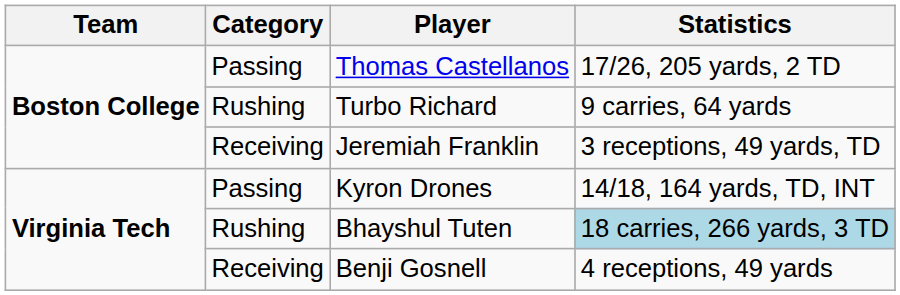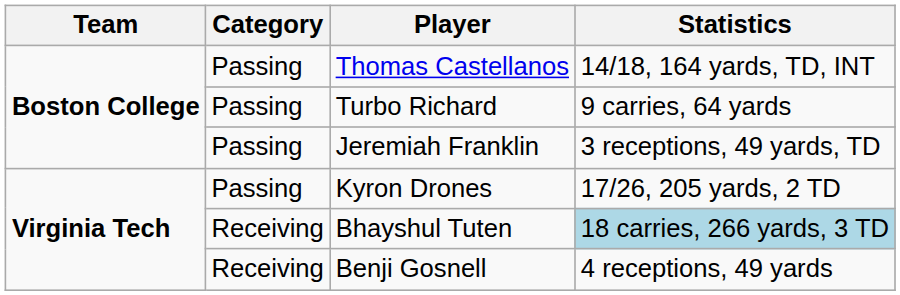 <table class="wikitable" style="float: right;">
 <tr>
 <th>Team</th>
 <th>Category</th>
 <th>Player</th>
 <th>Statistics</th>
 </tr>
 <tr>
 <td rowspan=3><strong>Boston College</strong></td>
 <td>Passing</td>
 <td><a href='#'>Thomas Castellanos</a></td>
-<td>17/26, 205 yards, 2 TD</td>
+<td>14/18, 164 yards, TD, INT</td>
 </tr>
 <tr>
-<td>Rushing</td>
+<td>Passing</td>
 <td>Turbo Richard</td>
 <td>9 carries, 64 yards</td>
 </tr>
 <tr>
-<td>Receiving</td>
+<td>Passing</td>
 <td>Jeremiah Franklin</td>
 <td>3 receptions, 49 yards, TD</td>
 </tr>
 <tr>
 <td rowspan=3><strong>Virginia Tech</strong></td>
 <td>Passing</td>
 <td>Kyron Drones</td>
-<td>14/18, 164 yards, TD, INT</td>
+<td>17/26, 205 yards, 2 TD</td>
 </tr>
 <tr>
-<td>Rushing</td>
+<td>Receiving</td>
 <td>Bhayshul Tuten</td>
 <td style="background: lightblue;">18 carries, 266 yards, 3 TD</td>
 </tr>
 <tr>
 <td>Receiving</td>
 <td>Benji Gosnell</td>
 <td>4 receptions, 49 yards</td>
 </tr>
 </table>
